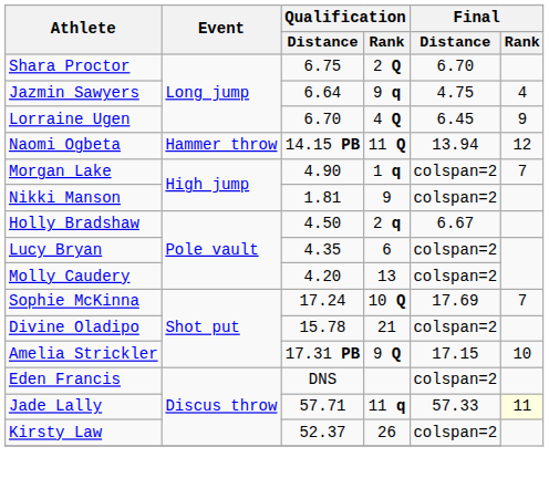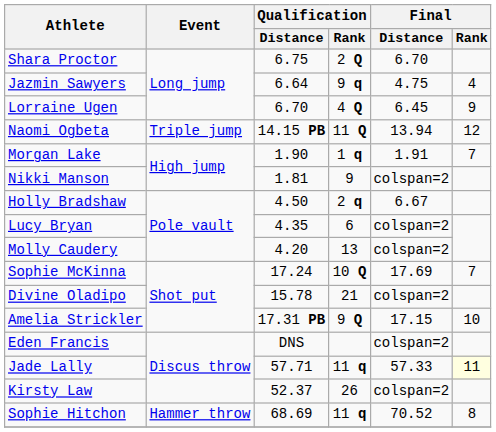 <table class="wikitable" style="font-size:90%">
 <tr>
 <th rowspan=2>Athlete</th>
 <th rowspan=2>Event</th>
 <th colspan=2>Qualification</th>
 <th colspan=2>Final</th>
 </tr>
 <tr style="font-size:95%">
 <th>Distance</th>
 <th>Rank</th>
 <th>Distance</th>
 <th>Rank</th>
 </tr>
 <tr align=center>
 <td align=left><a href='#'>Shara Proctor</a></td>
 <td style="text-align:left;" rowspan="3"><a href='#'>Long jump</a></td>
 <td>6.75</td>
 <td>2 <strong>Q</strong></td>
 <td>6.70</td>
 <td></td>
 </tr>
 <tr align=center>
 <td align=left><a href='#'>Jazmin Sawyers</a></td>
 <td>6.64</td>
 <td>9 <strong>q</strong></td>
 <td>4.75</td>
 <td>4</td>
 </tr>
 <tr align=center>
 <td align=left><a href='#'>Lorraine Ugen</a></td>
 <td>6.70</td>
 <td>4 <strong>Q</strong></td>
 <td>6.45</td>
 <td>9</td>
 </tr>
 <tr align=center>
 <td align=left><a href='#'>Naomi Ogbeta</a></td>
-<td style="text-align:left;"><a href='#'>Hammer throw</a></td>
+<td style="text-align:left;"><a href='#'>Triple jump</a></td>
 <td>14.15 <strong>PB</strong></td>
 <td>11 <strong>Q</strong></td>
 <td>13.94</td>
 <td>12</td>
 </tr>
 <tr align=center>
 <td align=left><a href='#'>Morgan Lake</a></td>
 <td style="text-align:left;" rowspan="2"><a href='#'>High jump</a></td>
-<td>4.90</td>
+<td>1.90</td>
 <td>1 <strong>q</strong></td>
-<td>colspan=2 </td>
+<td>1.91</td>
 <td>7</td>
 </tr>
 <tr align=center>
 <td align=left><a href='#'>Nikki Manson</a></td>
 <td>1.81</td>
 <td>9</td>
 <td>colspan=2 </td>
 </tr>
 <tr align=center>
 <td align=left><a href='#'>Holly Bradshaw</a></td>
 <td style="text-align:left;" rowspan="3"><a href='#'>Pole vault</a></td>
 <td>4.50</td>
 <td>2 <strong>q</strong></td>
 <td>6.67</td>
 <td></td>
 </tr>
 <tr align=center>
 <td align=left><a href='#'>Lucy Bryan</a></td>
 <td>4.35</td>
 <td>6</td>
 <td>colspan=2 </td>
 </tr>
 <tr align=center>
 <td align=left><a href='#'>Molly Caudery</a></td>
 <td>4.20</td>
 <td>13</td>
 <td>colspan=2 </td>
 </tr>
 <tr align=center>
 <td align=left><a href='#'>Sophie McKinna</a></td>
 <td style="text-align:left;" rowspan="3"><a href='#'>Shot put</a></td>
 <td>17.24</td>
 <td>10 <strong>Q</strong></td>
 <td>17.69</td>
 <td>7</td>
 </tr>
 <tr align=center>
 <td align=left><a href='#'>Divine Oladipo</a></td>
 <td>15.78</td>
 <td>21</td>
 <td>colspan=2 </td>
 </tr>
 <tr align=center>
 <td align=left><a href='#'>Amelia Strickler</a></td>
 <td>17.31 <strong>PB</strong></td>
 <td>9 <strong>Q</strong></td>
 <td>17.15</td>
 <td>10</td>
 </tr>
 <tr align=center>
 <td align=left><a href='#'>Eden Francis</a></td>
 <td style="text-align:left;" rowspan="3"><a href='#'>Discus throw</a></td>
 <td>DNS</td>
 <td></td>
 <td>colspan=2 </td>
 </tr>
 <tr align=center>
 <td align=left><a href='#'>Jade Lally</a></td>
 <td>57.71</td>
 <td>11 <strong>q</strong></td>
 <td>57.33</td>
 <td style="background: lightyellow;">11</td>
 </tr>
 <tr align=center>
 <td align=left><a href='#'>Kirsty Law</a></td>
 <td>52.37</td>
 <td>26</td>
 <td>colspan=2 </td>
 </tr>
 <tr align=center>
+<td align=left><a href='#'>Sophie Hitchon</a></td>
+<td style="text-align:left;"><a href='#'>Hammer throw</a></td>
+<td>68.69</td>
+<td>11 <strong>q</strong></td>
+<td>70.52</td>
+<td>8</td>
+</tr>
+<tr align=center>
 </tr>
 </table>
